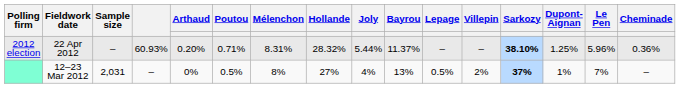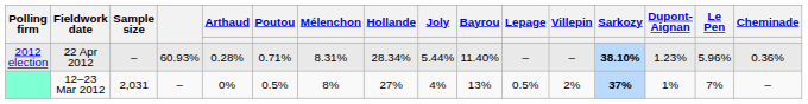 <table class="wikitable sortable" style="text-align:center;font-size:90%;line-height:14px;">
 <tr style="height:40px;">
 <th style="width:100px;" rowspan="2">Polling firm</th>
 <th style="width:110px;" rowspan="2">Fieldwork date</th>
 <th style="width:35px;" rowspan="2">Sample<br>size</th>
 <th style="width:30px;" rowspan="2"></th>
 <th class="unsortable" style="width:60px;"><a href='#'>Arthaud</a><br></th>
 <th class="unsortable" style="width:60px;"><a href='#'>Poutou</a><br></th>
 <th class="unsortable" style="width:60px;"><a href='#'>Mélenchon</a><br></th>
 <th class="unsortable" style="width:60px;"><a href='#'>Hollande</a><br></th>
 <th class="unsortable" style="width:60px;"><a href='#'>Joly</a><br></th>
 <th class="unsortable" style="width:60px;"><a href='#'>Bayrou</a><br></th>
 <th class="unsortable" style="width:60px;"><a href='#'>Lepage</a><br></th>
 <th class="unsortable" style="width:60px;"><a href='#'>Villepin</a><br></th>
 <th class="unsortable" style="width:60px;"><a href='#'>Sarkozy</a><br></th>
 <th class="unsortable" style="width:60px;"><a href='#'>Dupont-Aignan</a><br></th>
 <th class="unsortable" style="width:60px;"><a href='#'>Le Pen</a><br></th>
 <th class="unsortable" style="width:60px;"><a href='#'>Cheminade</a><br></th>
 </tr>
 <tr>
 <th style="background:"></th>
 <th style="background:"></th>
 <th style="background:"></th>
 <th style="background:"></th>
 <th style="background:"></th>
 <th style="background:"></th>
 <th style="background:"></th>
 <th style="background:"></th>
 <th style="background:"></th>
 <th style="background:"></th>
 <th style="background:"></th>
 <th style="background:"></th>
 </tr>
 <tr style="background:#E9E9E9;">
 <td><a href='#'>2012 election</a></td>
 <td data-sort-value="2012-04-22">22 Apr 2012</td>
 <td>–</td>
 <td>60.93%</td>
-<td>0.20%</td>
+<td>0.28%</td>
 <td>0.71%</td>
 <td>8.31%</td>
-<td>28.32%</td>
+<td>28.34%</td>
 <td>5.44%</td>
-<td>11.37%</td>
+<td>11.40%</td>
 <td>–</td>
 <td>–</td>
 <td style="background:#B9DAFF;"><strong>38.10%</strong></td>
-<td>1.25%</td>
+<td>1.23%</td>
 <td>5.96%</td>
 <td>0.36%</td>
 </tr>
 <tr>
 <td style="background:aquamarine;"></td>
 <td data-sort-value="2012-03-23">12–23 Mar 2012</td>
 <td>2,031</td>
 <td>–</td>
 <td>0%</td>
 <td>0.5%</td>
 <td>8%</td>
 <td>27%</td>
 <td>4%</td>
 <td>13%</td>
 <td>0.5%</td>
 <td>2%</td>
 <td style="background:#B9DAFF;"><strong>37%</strong></td>
 <td>1%</td>
 <td>7%</td>
 <td>–</td>
 </tr>
 </table>
